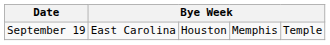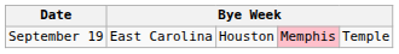 <table class="wikitable" style="font-size:95%;">
 <tr>
 <th>Date</th>
 <th colspan="4">Bye Week</th>
 </tr>
 <tr>
 <td>September 19</td>
 <td>East Carolina</td>
 <td>Houston</td>
-<td>Memphis</td>
+<td style="background: pink;">Memphis</td>
 <td>Temple</td>
 </tr>
 </table>
